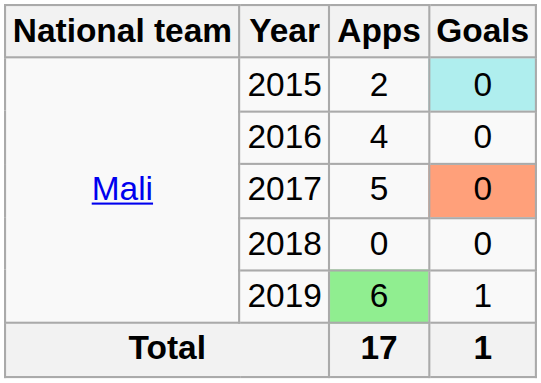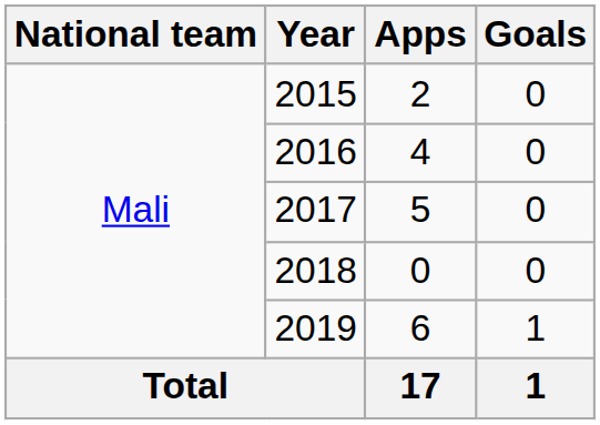 <table class="wikitable" style="text-align:center">
 <tr>
 <th>National team</th>
 <th>Year</th>
 <th>Apps</th>
 <th>Goals</th>
 </tr>
 <tr>
 <td rowspan="5"><a href='#'>Mali</a></td>
 <td>2015</td>
 <td>2</td>
-<td style="background: paleturquoise;">0</td>
+<td>0</td>
 </tr>
 <tr>
 <td>2016</td>
 <td>4</td>
 <td>0</td>
 </tr>
 <tr>
 <td>2017</td>
 <td>5</td>
-<td style="background: lightsalmon;">0</td>
+<td>0</td>
 </tr>
 <tr>
 <td>2018</td>
 <td>0</td>
 <td>0</td>
 </tr>
 <tr>
 <td>2019</td>
-<td style="background: lightgreen;">6</td>
+<td>6</td>
 <td>1</td>
 </tr>
 <tr>
 <th colspan="2">Total</th>
 <th>17</th>
 <th>1</th>
 </tr>
 </table>
